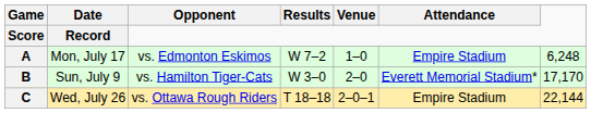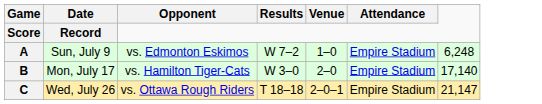 <table class="wikitable" style="text-align:center">
 <tr>
 <th>Game</th>
 <th>Date</th>
 <th>Opponent</th>
 <th>Results</th>
 <th>Venue</th>
 <th>Attendance</th>
 </tr>
 <tr>
 <th>Score</th>
 <th>Record</th>
 </tr>
 <tr style="background:#ddffdd">
 <th>A</th>
-<td>Mon, July 17</td>
+<td>Sun, July 9</td>
 <td>vs. <a href='#'>Edmonton Eskimos</a></td>
 <td>W 7–2</td>
 <td>1–0</td>
 <td><a href='#'>Empire Stadium</a></td>
 <td>6,248</td>
 </tr>
 <tr style="background:#ddffdd">
 <th>B</th>
-<td>Sun, July 9</td>
+<td>Mon, July 17</td>
 <td>vs. <a href='#'>Hamilton Tiger-Cats</a></td>
 <td>W 3–0</td>
 <td>2–0</td>
-<td><a href='#'>Everett Memorial Stadium</a>*</td>
-<td>17,170</td>
+<td><a href='#'>Empire Stadium</a></td>
+<td>17,140</td>
 </tr>
 <tr style="background:#ffeeaa">
 <th>C</th>
 <td>Wed, July 26</td>
 <td>vs. <a href='#'>Ottawa Rough Riders</a></td>
 <td>T 18–18</td>
 <td>2–0–1</td>
 <td>Empire Stadium</td>
-<td>22,144</td>
+<td>21,147</td>
 </tr>
 </table>
